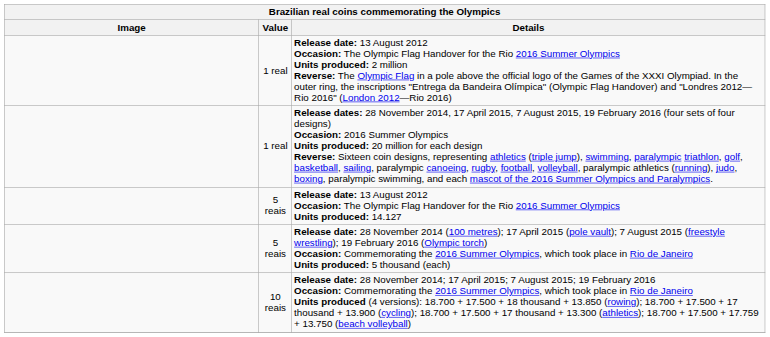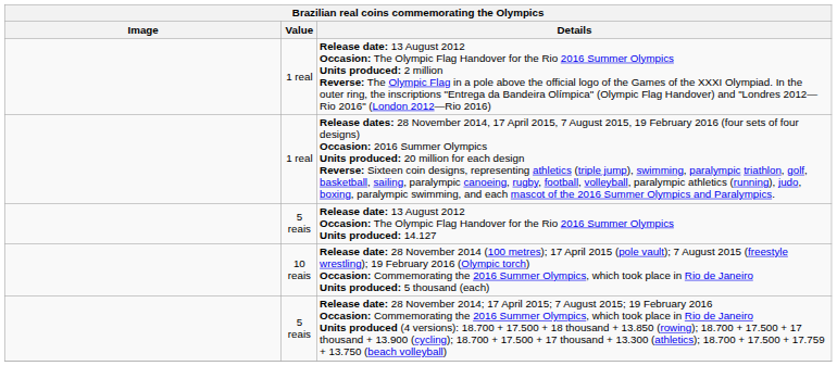 <table border="1" class="wikitable mw-collapsible">
 <tr>
 <th colspan="3">Brazilian real coins commemorating the Olympics</th>
 </tr>
 <tr ---->
 <th align="Center" width="410px">Image</th>
 <th align="Center">Value</th>
 <th align="Center">Details</th>
 </tr>
 <tr ---->
 <td></td>
 <td align="Center">1 real</td>
 <td><strong>Release date:</strong> 13 August 2012<br><strong>Occasion:</strong> The Olympic Flag Handover for the Rio <a href='#'>2016 Summer Olympics</a><br><strong>Units produced:</strong> 2 million<br><strong>Reverse:</strong> The <a href='#'>Olympic Flag</a> in a pole above the official logo of the Games of the XXXI Olympiad. In the outer ring, the inscriptions "Entrega da Bandeira Olímpica" (Olympic Flag Handover) and "Londres 2012—Rio 2016" (<a href='#'>London 2012</a>—Rio 2016)</td>
 </tr>
 <tr ---->
 <td>               </td>
 <td align="Center">1 real</td>
 <td><strong>Release dates:</strong> 28 November 2014, 17 April 2015, 7 August 2015, 19 February 2016 (four sets of four designs)<br><strong>Occasion:</strong> 2016 Summer Olympics<br><strong>Units produced:</strong> 20 million for each design<br><strong>Reverse:</strong> Sixteen coin designs, representing <a href='#'>athletics</a> (<a href='#'>triple jump</a>), <a href='#'>swimming</a>, <a href='#'>paralympic</a> <a href='#'>triathlon</a>, <a href='#'>golf</a>, <a href='#'>basketball</a>, <a href='#'>sailing</a>, paralympic <a href='#'>canoeing</a>, <a href='#'>rugby</a>, <a href='#'>football</a>, <a href='#'>volleyball</a>, paralympic athletics (<a href='#'>running</a>), <a href='#'>judo</a>, <a href='#'>boxing</a>, paralympic swimming, and each <a href='#'>mascot of the 2016 Summer Olympics and Paralympics</a>.</td>
 </tr>
 <tr ---->
 <td></td>
 <td align="Center">5 reais</td>
 <td><strong>Release date:</strong> 13 August 2012<br><strong>Occasion:</strong> The Olympic Flag Handover for the Rio <a href='#'>2016 Summer Olympics</a><br><strong>Units produced:</strong> 14.127</td>
 </tr>
 <tr ---->
 <td></td>
-<td align="Center">5 reais</td>
+<td align="Center">10 reais</td>
 <td><strong>Release date:</strong> 28 November 2014 (<a href='#'>100 metres</a>); 17 April 2015 (<a href='#'>pole vault</a>); 7 August 2015 (<a href='#'>freestyle wrestling</a>); 19 February 2016 (<a href='#'>Olympic torch</a>)<br><strong>Occasion:</strong> Commemorating the <a href='#'>2016 Summer Olympics</a>, which took place in <a href='#'>Rio de Janeiro</a><br><strong>Units produced:</strong> 5 thousand (each)</td>
 </tr>
 <tr ---->
 <td></td>
-<td align="Center">10 reais</td>
+<td align="Center">5 reais</td>
 <td><strong>Release date:</strong> 28 November 2014; 17 April 2015; 7 August 2015; 19 February 2016<br><strong>Occasion:</strong> Commemorating the <a href='#'>2016 Summer Olympics</a>, which took place in <a href='#'>Rio de Janeiro</a><br><strong>Units produced</strong> (4 versions): 18.700 + 17.500 + 18 thousand + 13.850 (<a href='#'>rowing</a>); 18.700 + 17.500 + 17 thousand + 13.900 (<a href='#'>cycling</a>); 18.700 + 17.500 + 17 thousand + 13.300 (<a href='#'>athletics</a>); 18.700 + 17.500 + 17.759 + 13.750 (<a href='#'>beach volleyball</a>)</td>
 </tr>
 <tr ---->
 </tr>
 </table>
